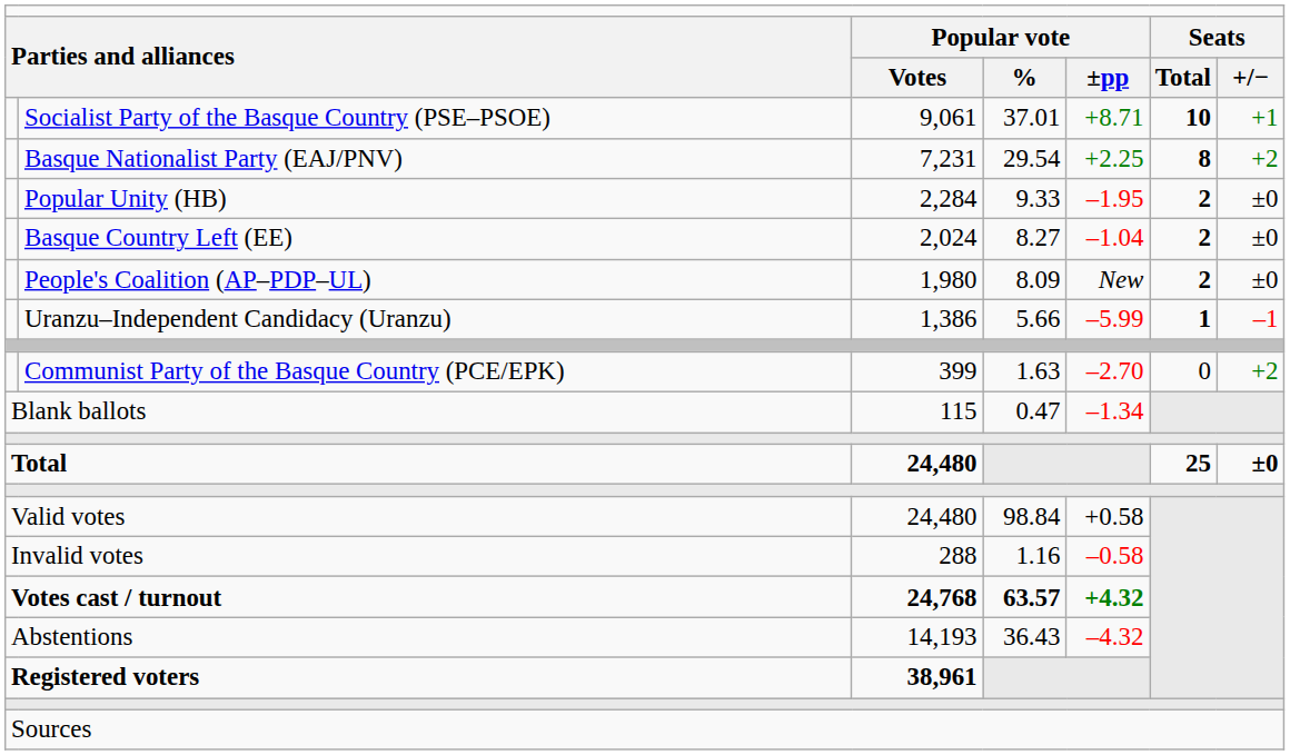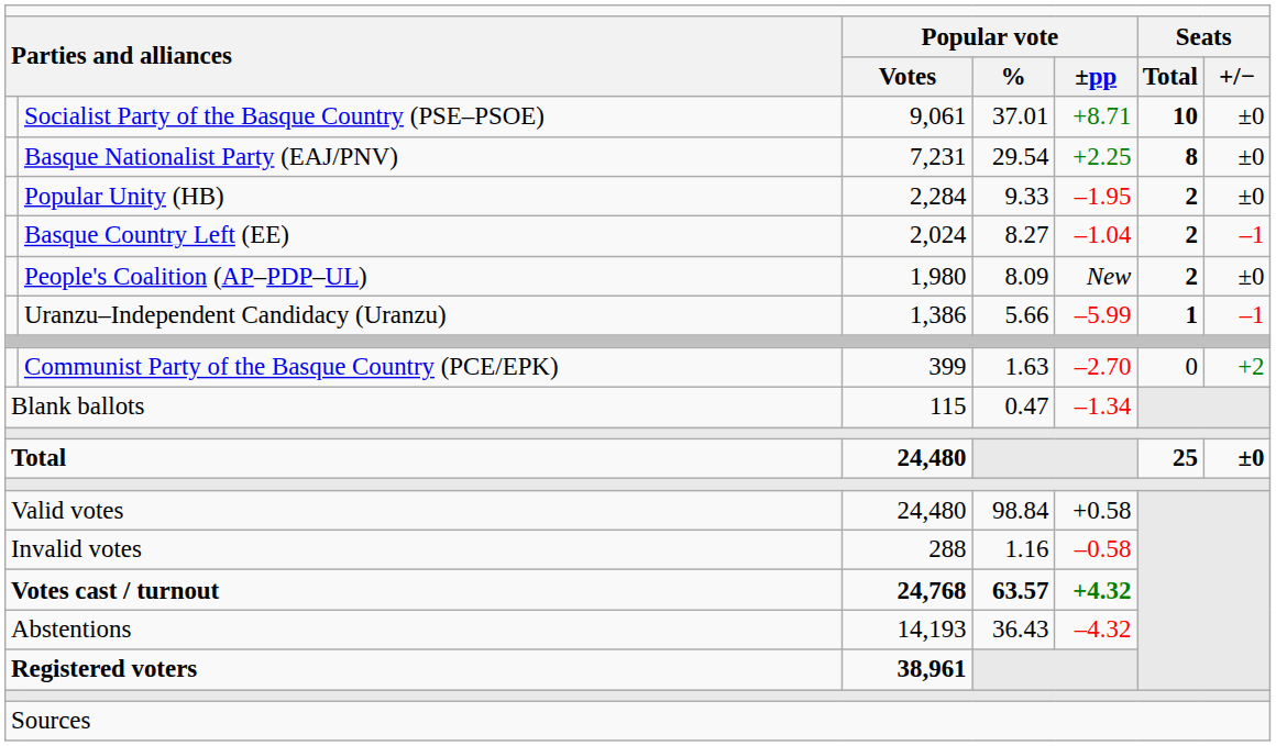 <table class="wikitable" style="text-align:right;">
 <tr>
 <td colspan="7"></td>
 </tr>
 <tr>
 <th style="text-align:left;" rowspan="2" colspan="2" width="525">Parties and alliances</th>
 <th colspan="3">Popular vote</th>
 <th colspan="2">Seats</th>
 </tr>
 <tr>
 <th width="75">Votes</th>
 <th width="45">%</th>
 <th width="45">±<a href='#'>pp</a></th>
 <th width="35">Total</th>
 <th width="35">+/−</th>
 </tr>
 <tr>
 <td width="1" style="color:inherit;background:"></td>
 <td align="left"><a href='#'>Socialist Party of the Basque Country</a> (PSE–PSOE)</td>
 <td>9,061</td>
 <td>37.01</td>
 <td style="color:green;">+8.71</td>
 <td><strong>10</strong></td>
-<td style="color:green;">+1</td>
+<td>±0</td>
 </tr>
 <tr>
 <td style="color:inherit;background:"></td>
 <td align="left"><a href='#'>Basque Nationalist Party</a> (EAJ/PNV)</td>
 <td>7,231</td>
 <td>29.54</td>
 <td style="color:green;">+2.25</td>
 <td><strong>8</strong></td>
-<td style="color:green;">+2</td>
+<td>±0</td>
 </tr>
 <tr>
 <td style="color:inherit;background:"></td>
 <td align="left"><a href='#'>Popular Unity</a> (HB)</td>
 <td>2,284</td>
 <td>9.33</td>
 <td style="color:red;">–1.95</td>
 <td><strong>2</strong></td>
 <td>±0</td>
 </tr>
 <tr>
 <td style="color:inherit;background:"></td>
 <td align="left"><a href='#'>Basque Country Left</a> (EE)</td>
 <td>2,024</td>
 <td>8.27</td>
 <td style="color:red;">–1.04</td>
 <td><strong>2</strong></td>
-<td>±0</td>
+<td style="color:red;">–1</td>
 </tr>
 <tr>
 <td style="color:inherit;background:"></td>
 <td align="left"><a href='#'>People's Coalition</a> (<a href='#'>AP</a>–<a href='#'>PDP</a>–<a href='#'>UL</a>)</td>
 <td>1,980</td>
 <td>8.09</td>
 <td><em>New</em></td>
 <td><strong>2</strong></td>
 <td>±0</td>
 </tr>
 <tr>
 <td style="color:inherit;background:"></td>
 <td align="left">Uranzu–Independent Candidacy (Uranzu)</td>
 <td>1,386</td>
 <td>5.66</td>
 <td style="color:red;">–5.99</td>
 <td><strong>1</strong></td>
 <td style="color:red;">–1</td>
 </tr>
 <tr>
 <td colspan="7" bgcolor="#C0C0C0"></td>
 </tr>
 <tr>
 <td style="color:inherit;background:"></td>
 <td align="left"><a href='#'>Communist Party of the Basque Country</a> (PCE/EPK)</td>
 <td>399</td>
 <td>1.63</td>
 <td style="color:red;">–2.70</td>
 <td>0</td>
 <td style="color:green;">+2</td>
 </tr>
 <tr>
 <td align="left" colspan="2">Blank ballots</td>
 <td>115</td>
 <td>0.47</td>
 <td style="color:red;">–1.34</td>
 <td bgcolor="#E9E9E9" colspan="2"></td>
 </tr>
 <tr>
 <td colspan="7" bgcolor="#E9E9E9"></td>
 </tr>
 <tr style="font-weight:bold;">
 <td align="left" colspan="2">Total</td>
 <td>24,480</td>
 <td bgcolor="#E9E9E9" colspan="2"></td>
 <td>25</td>
 <td>±0</td>
 </tr>
 <tr>
 <td colspan="7" bgcolor="#E9E9E9"></td>
 </tr>
 <tr>
 <td align="left" colspan="2">Valid votes</td>
 <td>24,480</td>
 <td>98.84</td>
 <td ststyle="color:green;">+0.58</td>
 <td bgcolor="#E9E9E9" colspan="2" rowspan="5"></td>
 </tr>
 <tr>
 <td align="left" colspan="2">Invalid votes</td>
 <td>288</td>
 <td>1.16</td>
 <td style="color:red;">–0.58</td>
 </tr>
 <tr style="font-weight:bold;">
 <td align="left" colspan="2">Votes cast / turnout</td>
 <td>24,768</td>
 <td>63.57</td>
 <td style="color:green;">+4.32</td>
 </tr>
 <tr>
 <td align="left" colspan="2">Abstentions</td>
 <td>14,193</td>
 <td>36.43</td>
 <td style="color:red;">–4.32</td>
 </tr>
 <tr style="font-weight:bold;">
 <td align="left" colspan="2">Registered voters</td>
 <td>38,961</td>
 <td bgcolor="#E9E9E9" colspan="2"></td>
 </tr>
 <tr>
 <td colspan="7" bgcolor="#E9E9E9"></td>
 </tr>
 <tr>
 <td align="left" colspan="7">Sources</td>
 </tr>
 </table>
